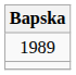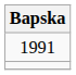 <table class="wikitable" style="margin: 0.5em auto; text-align: center;">
 <tr>
 <th colspan="1">Bapska</th>
 </tr>
 <tr>
-<td>1989</td>
+<td>1991</td>
 </tr>
 <tr>
 <td></td>
 </tr>
 <tr>
 </tr>
 </table>
